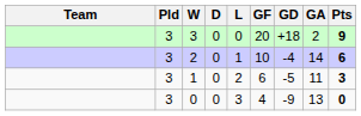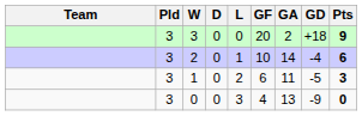 <table class="wikitable" style="text-align: center;">
 <tr>
 <th style="width:175px;">Team</th>
 <th width="20">Pld</th>
 <th width="20">W</th>
 <th width="20">D</th>
 <th width="20">L</th>
 <th width="20">GF</th>
+<th width="20">GA</th>
 <th width="20">GD</th>
-<th width="20">GA</th>
 <th width="20">Pts</th>
 </tr>
 <tr style="background:#cfc;">
 <td style="text-align:left;"></td>
 <td>3</td>
 <td>3</td>
 <td>0</td>
 <td>0</td>
 <td>20</td>
+<td>2</td>
 <td>+18</td>
-<td>2</td>
 <td><strong>9</strong></td>
 </tr>
 <tr style="background:#ccf;">
 <td style="text-align:left;"></td>
 <td>3</td>
 <td>2</td>
 <td>0</td>
 <td>1</td>
 <td>10</td>
+<td>14</td>
 <td>-4</td>
-<td>14</td>
 <td><strong>6</strong></td>
 </tr>
 <tr>
 <td style="text-align:left;"></td>
 <td>3</td>
 <td>1</td>
 <td>0</td>
 <td>2</td>
 <td>6</td>
+<td>11</td>
 <td>-5</td>
-<td>11</td>
 <td><strong>3</strong></td>
 </tr>
 <tr>
 <td style="text-align:left;"></td>
 <td>3</td>
 <td>0</td>
 <td>0</td>
 <td>3</td>
 <td>4</td>
+<td>13</td>
 <td>-9</td>
-<td>13</td>
 <td><strong>0</strong></td>
 </tr>
 </table>
